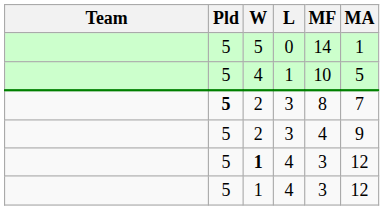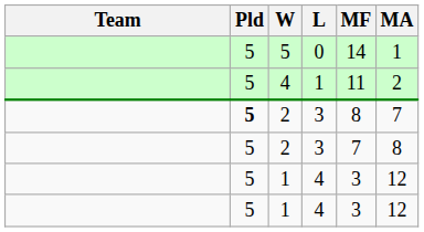 <table class=wikitable style="text-align:center">
 <tr>
 <th width=175>Team</th>
 <th width=20>Pld</th>
 <th width=20>W</th>
 <th width=20>L</th>
 <th width=20>MF</th>
 <th width=20>MA</th>
 </tr>
 <tr bgcolor=ccffcc>
 <td style="text-align:left"></td>
 <td>5</td>
 <td>5</td>
 <td>0</td>
 <td>14</td>
 <td>1</td>
 </tr>
 <tr bgcolor=ccffcc style="border-bottom:2px solid green;">
 <td style="text-align:left"></td>
 <td>5</td>
 <td>4</td>
 <td>1</td>
-<td>10</td>
-<td>5</td>
+<td>11</td>
+<td>2</td>
 </tr>
 <tr>
 <td style="text-align:left"></td>
 <td><strong>5</strong></td>
 <td>2</td>
 <td>3</td>
 <td>8</td>
 <td>7</td>
 </tr>
 <tr>
 <td style="text-align:left"></td>
 <td>5</td>
 <td>2</td>
 <td>3</td>
-<td>4</td>
-<td>9</td>
+<td>7</td>
+<td>8</td>
 </tr>
 <tr>
 <td style="text-align:left"></td>
 <td>5</td>
-<td><strong>1</strong></td>
+<td>1</td>
 <td>4</td>
 <td>3</td>
 <td>12</td>
 </tr>
 <tr>
 <td style="text-align:left"></td>
 <td>5</td>
 <td>1</td>
 <td>4</td>
 <td>3</td>
 <td>12</td>
 </tr>
 </table>
